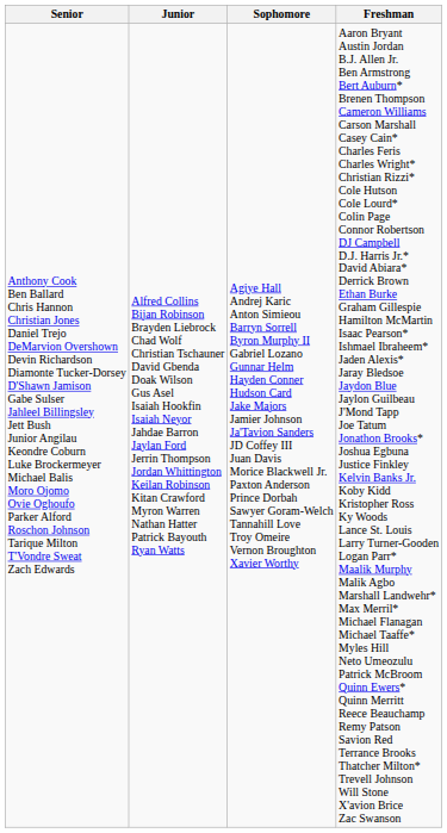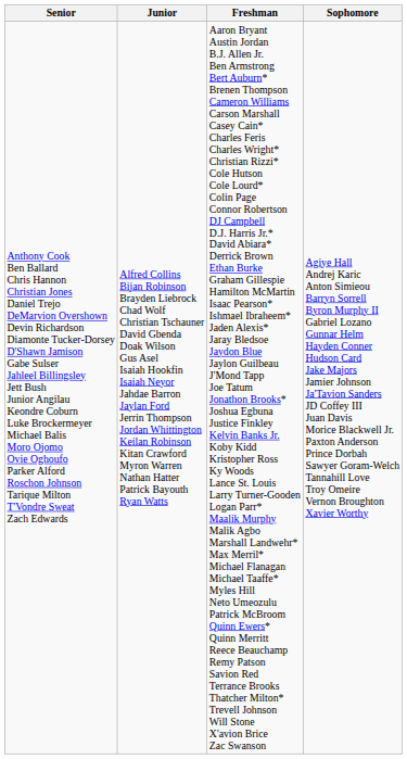 <table class="wikitable">
 <tr>
 <th style="text-align:center; ">Senior</th>
 <th style="text-align:center; ">Junior</th>
+<th style="text-align:center; ">Freshman</th>
 <th style="text-align:center; ">Sophomore</th>
-<th style="text-align:center; ">Freshman</th>
 </tr>
 <tr align="left">
 <td><a href='#'>Anthony Cook</a><br>Ben Ballard<br>Chris Hannon<br><a href='#'>Christian Jones</a><br>Daniel Trejo<br><a href='#'>DeMarvion Overshown</a><br>Devin Richardson<br>Diamonte Tucker-Dorsey<br><a href='#'>D'Shawn Jamison</a><br>Gabe Sulser<br><a href='#'>Jahleel Billingsley</a><br>Jett Bush<br>Junior Angilau<br>Keondre Coburn<br>Luke Brockermeyer<br>Michael Balis<br><a href='#'>Moro Ojomo</a><br><a href='#'>Ovie Oghoufo</a><br>Parker Alford<br><a href='#'>Roschon Johnson</a><br>Tarique Milton<br><a href='#'>T'Vondre Sweat</a><br>Zach Edwards</td>
 <td><a href='#'>Alfred Collins</a><br><a href='#'>Bijan Robinson</a><br>Brayden Liebrock<br>Chad Wolf<br>Christian Tschauner<br>David Gbenda<br>Doak Wilson<br>Gus Asel<br>Isaiah Hookfin <br><a href='#'>Isaiah Neyor</a><br>Jahdae Barron<br><a href='#'>Jaylan Ford</a><br>Jerrin Thompson<br><a href='#'>Jordan Whittington</a><br><a href='#'>Keilan Robinson</a><br>Kitan Crawford<br>Myron Warren<br>Nathan Hatter<br>Patrick Bayouth<br><a href='#'>Ryan Watts</a></td>
+<td>Aaron Bryant<br>Austin Jordan<br>B.J. Allen Jr.<br>Ben Armstrong<br><a href='#'>Bert Auburn</a>*<br>Brenen Thompson<br><a href='#'>Cameron Williams</a><br>Carson Marshall<br>Casey Cain*<br>Charles Feris<br>Charles Wright*<br>Christian Rizzi*<br>Cole Hutson<br>Cole Lourd*<br>Colin Page<br>Connor Robertson<br><a href='#'>DJ Campbell</a><br>D.J. Harris Jr.*<br>David Abiara*<br>Derrick Brown<br><a href='#'>Ethan Burke</a><br>Graham Gillespie<br>Hamilton McMartin<br>Isaac Pearson*<br>Ishmael Ibraheem*<br>Jaden Alexis*<br>Jaray Bledsoe<br><a href='#'>Jaydon Blue</a><br>Jaylon Guilbeau<br>J'Mond Tapp<br>Joe Tatum<br><a href='#'>Jonathon Brooks</a>*<br>Joshua Egbuna<br>Justice Finkley<br><a href='#'>Kelvin Banks Jr.</a><br>Koby Kidd<br>Kristopher Ross<br>Ky Woods<br>Lance St. Louis<br>Larry Turner-Gooden<br>Logan Parr*<br><a href='#'>Maalik Murphy</a><br>Malik Agbo<br>Marshall Landwehr*<br>Max Merril*<br>Michael Flanagan<br>Michael Taaffe*<br>Myles Hill<br>Neto Umeozulu<br>Patrick McBroom<br><a href='#'>Quinn Ewers</a>*<br>Quinn Merritt<br>Reece Beauchamp<br>Remy Patson<br>Savion Red<br>Terrance Brooks<br>Thatcher Milton*<br>Trevell Johnson<br>Will Stone<br>X'avion Brice<br>Zac Swanson</td>
 <td><a href='#'>Agiye Hall</a><br>Andrej Karic<br>Anton Simieou<br><a href='#'>Barryn Sorrell</a><br><a href='#'>Byron Murphy II</a><br>Gabriel Lozano<br><a href='#'>Gunnar Helm</a><br><a href='#'>Hayden Conner</a><br><a href='#'>Hudson Card</a><br><a href='#'>Jake Majors</a><br>Jamier Johnson<br><a href='#'>Ja'Tavion Sanders</a><br>JD Coffey III<br>Juan Davis<br>Morice Blackwell Jr.<br>Paxton Anderson<br>Prince Dorbah<br>Sawyer Goram-Welch<br>Tannahill Love<br>Troy Omeire<br>Vernon Broughton<br><a href='#'>Xavier Worthy</a></td>
-<td>Aaron Bryant<br>Austin Jordan<br>B.J. Allen Jr.<br>Ben Armstrong<br><a href='#'>Bert Auburn</a>*<br>Brenen Thompson<br><a href='#'>Cameron Williams</a><br>Carson Marshall<br>Casey Cain*<br>Charles Feris<br>Charles Wright*<br>Christian Rizzi*<br>Cole Hutson<br>Cole Lourd*<br>Colin Page<br>Connor Robertson<br><a href='#'>DJ Campbell</a><br>D.J. Harris Jr.*<br>David Abiara*<br>Derrick Brown<br><a href='#'>Ethan Burke</a><br>Graham Gillespie<br>Hamilton McMartin<br>Isaac Pearson*<br>Ishmael Ibraheem*<br>Jaden Alexis*<br>Jaray Bledsoe<br><a href='#'>Jaydon Blue</a><br>Jaylon Guilbeau<br>J'Mond Tapp<br>Joe Tatum<br><a href='#'>Jonathon Brooks</a>*<br>Joshua Egbuna<br>Justice Finkley<br><a href='#'>Kelvin Banks Jr.</a><br>Koby Kidd<br>Kristopher Ross<br>Ky Woods<br>Lance St. Louis<br>Larry Turner-Gooden<br>Logan Parr*<br><a href='#'>Maalik Murphy</a><br>Malik Agbo<br>Marshall Landwehr*<br>Max Merril*<br>Michael Flanagan<br>Michael Taaffe*<br>Myles Hill<br>Neto Umeozulu<br>Patrick McBroom<br><a href='#'>Quinn Ewers</a>*<br>Quinn Merritt<br>Reece Beauchamp<br>Remy Patson<br>Savion Red<br>Terrance Brooks<br>Thatcher Milton*<br>Trevell Johnson<br>Will Stone<br>X'avion Brice<br>Zac Swanson</td>
 </tr>
 </table>
